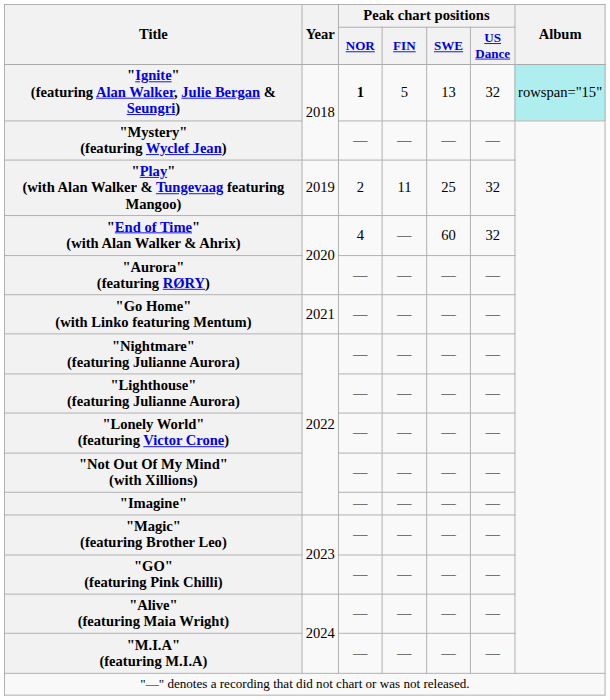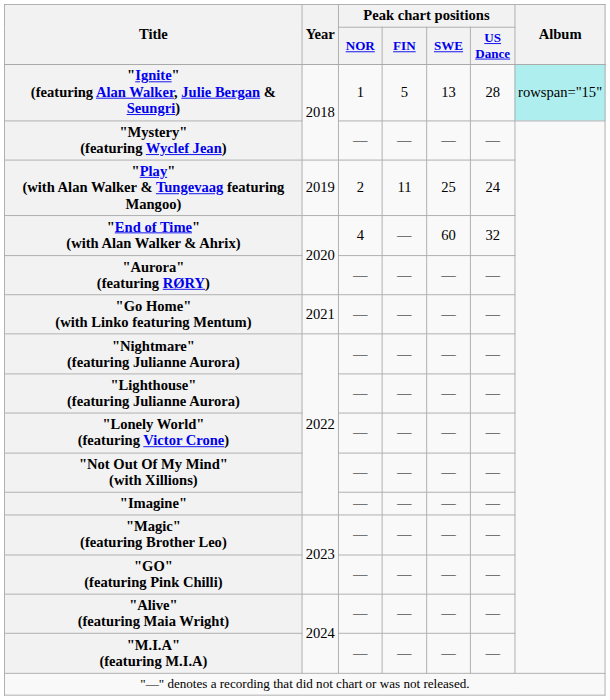 <table class="wikitable plainrowheaders" style="text-align:center;" border="1">
 <tr>
 <th scope="col" rowspan="2" style="width:20em;">Title</th>
 <th scope="col" rowspan="2" style="width:1em;">Year</th>
 <th scope="col" colspan="4">Peak chart positions</th>
 <th scope="col" rowspan="2">Album</th>
 </tr>
 <tr>
 <th scope="col" style="width:2.9em;font-size:90%;"><a href='#'>NOR</a><br></th>
 <th scope="col" style="width:2.9em;font-size:90%;"><a href='#'>FIN</a><br></th>
 <th scope="col" style="width:2.9em;font-size:90%;"><a href='#'>SWE</a><br></th>
 <th scope="col" style="width:2.9em;font-size:90%;"><a href='#'>US<br>Dance</a><br></th>
 </tr>
 <tr>
 </tr>
 <tr>
 <th scope="row">"<a href='#'>Ignite</a>" <br><span>(featuring <a href='#'>Alan Walker</a>, <a href='#'>Julie Bergan</a> & <a href='#'>Seungri</a>)</span></th>
 <td rowspan="2">2018</td>
-<td><strong>1</strong></td>
+<td>1</td>
 <td>5</td>
 <td>13</td>
-<td>32</td>
+<td>28</td>
 <td style="background: paleturquoise;">rowspan="15" </td>
 </tr>
 <tr>
 <th scope="row">"Mystery" <br><span>(featuring <a href='#'>Wyclef Jean</a>)</span></th>
 <td>—</td>
 <td>—</td>
 <td>—</td>
 <td>—</td>
 </tr>
 <tr>
 <th scope="row">"<a href='#'>Play</a>"<br><span>(with Alan Walker & <a href='#'>Tungevaag</a> featuring Mangoo)</span></th>
 <td>2019</td>
 <td>2<br></td>
 <td>11<br></td>
 <td>25<br></td>
-<td>32</td>
+<td>24</td>
 </tr>
 <tr>
 <th scope="row">"<a href='#'>End of Time</a>" <br><span>(with Alan Walker & Ahrix)</span></th>
 <td rowspan="2">2020</td>
 <td>4<br></td>
 <td>—</td>
 <td>60<br></td>
 <td>32</td>
 </tr>
 <tr>
 <th scope="row">"Aurora" <br><span>(featuring <a href='#'>RØRY</a>)</span></th>
 <td>—</td>
 <td>—</td>
 <td>—</td>
 <td>—</td>
 </tr>
 <tr>
 <th scope="row">"Go Home" <br><span>(with Linko featuring Mentum)</span></th>
 <td rowspan="1">2021</td>
 <td>—</td>
 <td>—</td>
 <td>—</td>
 <td>—</td>
 </tr>
 <tr>
 <th scope="row">"Nightmare" <br><span>(featuring Julianne Aurora)</span></th>
 <td rowspan="5">2022</td>
 <td>—</td>
 <td>—</td>
 <td>—</td>
 <td>—</td>
 </tr>
 <tr>
 <th scope="row">"Lighthouse" <br><span>(featuring Julianne Aurora)</span></th>
 <td>—</td>
 <td>—</td>
 <td>—</td>
 <td>—</td>
 </tr>
 <tr>
 <th scope="row">"Lonely World" <br><span>(featuring <a href='#'>Victor Crone</a>)</span></th>
 <td>—</td>
 <td>—</td>
 <td>—</td>
 <td>—</td>
 </tr>
 <tr>
 <th scope="row">"Not Out Of My Mind" <br><span>(with Xillions)</span></th>
 <td>—</td>
 <td>—</td>
 <td>—</td>
 <td>—</td>
 </tr>
 <tr>
 <th scope="row">"Imagine" <br><span></span></th>
 <td>—</td>
 <td>—</td>
 <td>—</td>
 <td>—</td>
 </tr>
 <tr>
 <th scope="row">"Magic" <br><span>(featuring Brother Leo)</span></th>
 <td rowspan="2">2023</td>
 <td>—</td>
 <td>—</td>
 <td>—</td>
 <td>—</td>
 </tr>
 <tr>
 <th scope="row">"GO" <br><span>(featuring Pink Chilli)</span></th>
 <td>—</td>
 <td>—</td>
 <td>—</td>
 <td>—</td>
 </tr>
 <tr>
 <th scope="row">"Alive" <br><span>(featuring Maia Wright)</span></th>
 <td rowspan="2">2024</td>
 <td>—</td>
 <td>—</td>
 <td>—</td>
 <td>—</td>
 </tr>
 <tr>
 <th scope="row">"M.I.A" <br><span>(featuring M.I.A)</span></th>
 <td>—</td>
 <td>—</td>
 <td>—</td>
 <td>—</td>
 </tr>
 <tr>
 <td colspan="7" style="font-size:90%">"—" denotes a recording that did not chart or was not released.</td>
 </tr>
 </table>
